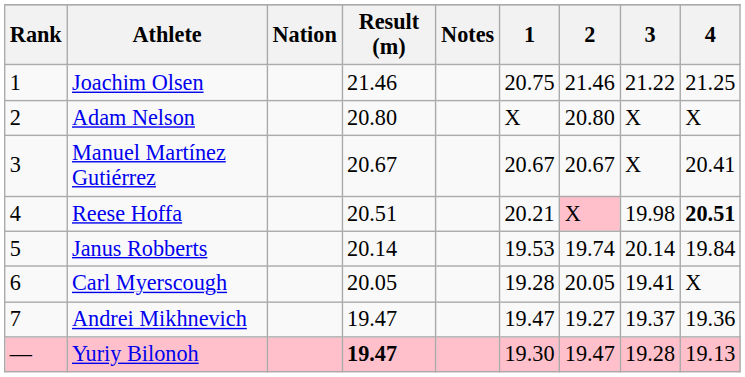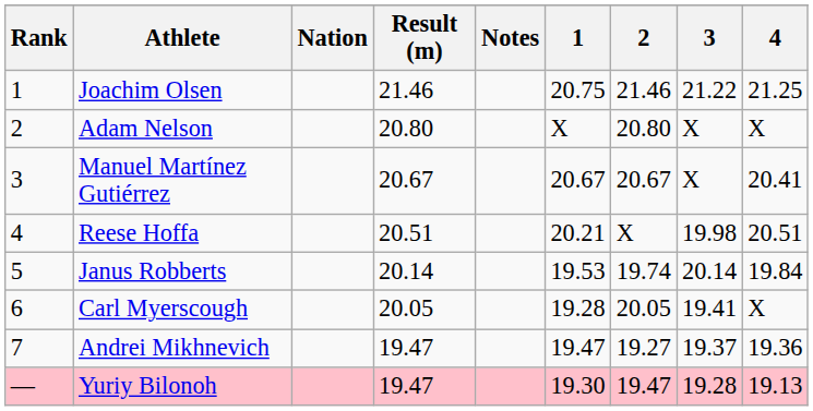 <table class="wikitable" width=85%>
 <tr>
 </tr>
 <tr>
 <th>Rank</th>
 <th>Athlete</th>
 <th>Nation</th>
 <th>Result (m)</th>
 <th>Notes</th>
 <th>1</th>
 <th>2</th>
 <th>3</th>
 <th>4</th>
 </tr>
 <tr>
 <td>1</td>
 <td><a href='#'>Joachim Olsen</a></td>
 <td></td>
 <td>21.46</td>
 <td></td>
 <td>20.75</td>
 <td>21.46</td>
 <td>21.22</td>
 <td>21.25</td>
 </tr>
 <tr>
 <td>2</td>
 <td><a href='#'>Adam Nelson</a></td>
 <td></td>
 <td>20.80</td>
 <td></td>
 <td>X</td>
 <td>20.80</td>
 <td>X</td>
 <td>X</td>
 </tr>
 <tr>
 <td>3</td>
 <td><a href='#'>Manuel Martínez Gutiérrez</a></td>
 <td></td>
 <td>20.67</td>
 <td></td>
 <td>20.67</td>
 <td>20.67</td>
 <td>X</td>
 <td>20.41</td>
 </tr>
 <tr>
 <td>4</td>
 <td><a href='#'>Reese Hoffa</a></td>
 <td></td>
 <td>20.51</td>
 <td></td>
 <td>20.21</td>
-<td style="background: pink;">X</td>
+<td>X</td>
 <td>19.98</td>
-<td><strong>20.51</strong></td>
+<td>20.51</td>
 </tr>
 <tr>
 <td>5</td>
 <td><a href='#'>Janus Robberts</a></td>
 <td></td>
 <td>20.14</td>
 <td></td>
 <td>19.53</td>
 <td>19.74</td>
 <td>20.14</td>
 <td>19.84</td>
 </tr>
 <tr>
 <td>6</td>
 <td><a href='#'>Carl Myerscough</a></td>
 <td></td>
 <td>20.05</td>
 <td></td>
 <td>19.28</td>
 <td>20.05</td>
 <td>19.41</td>
 <td>X</td>
 </tr>
 <tr>
 <td>7</td>
 <td><a href='#'>Andrei Mikhnevich</a></td>
 <td></td>
 <td>19.47</td>
 <td></td>
 <td>19.47</td>
 <td>19.27</td>
 <td>19.37</td>
 <td>19.36</td>
 </tr>
 <tr bgcolor=pink>
 <td>—</td>
 <td><a href='#'>Yuriy Bilonoh</a></td>
 <td></td>
-<td><strong>19.47</strong></td>
+<td>19.47</td>
 <td></td>
 <td>19.30</td>
 <td>19.47</td>
 <td>19.28</td>
 <td>19.13</td>
 </tr>
 </table>
